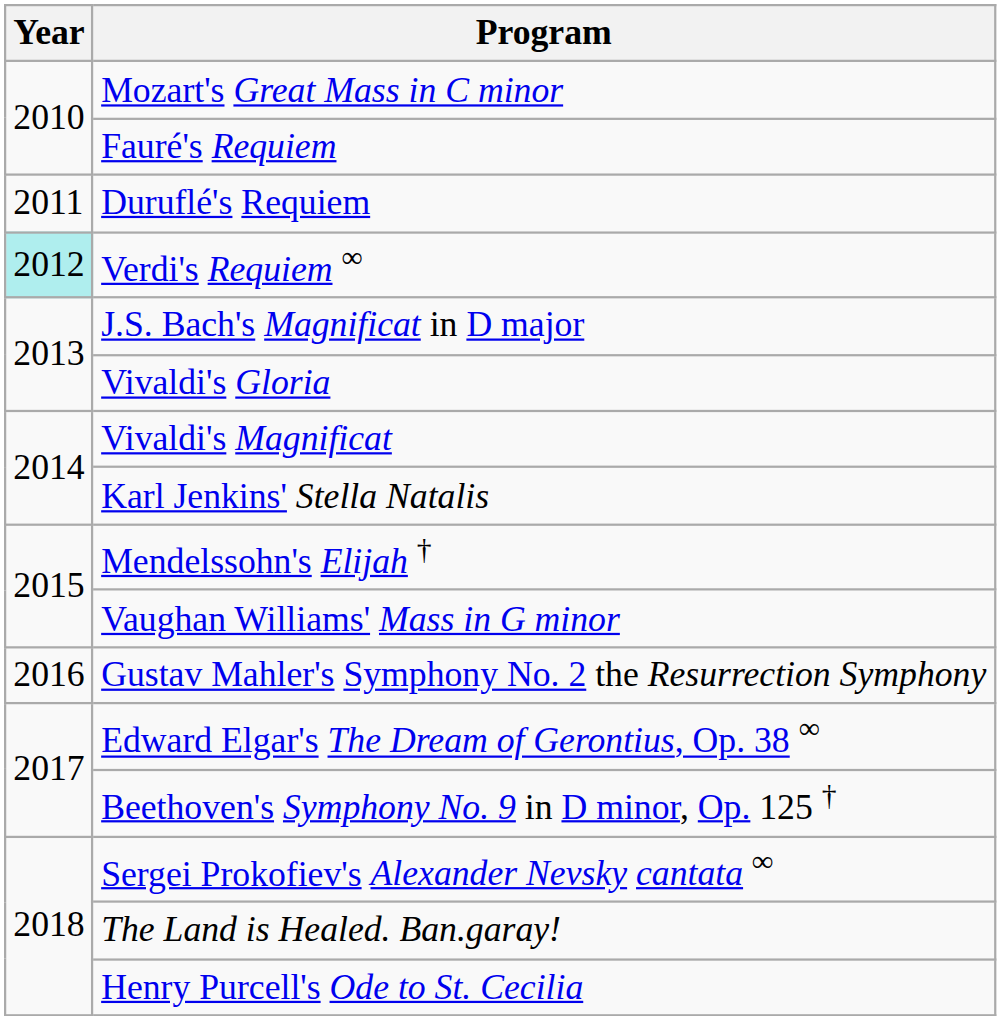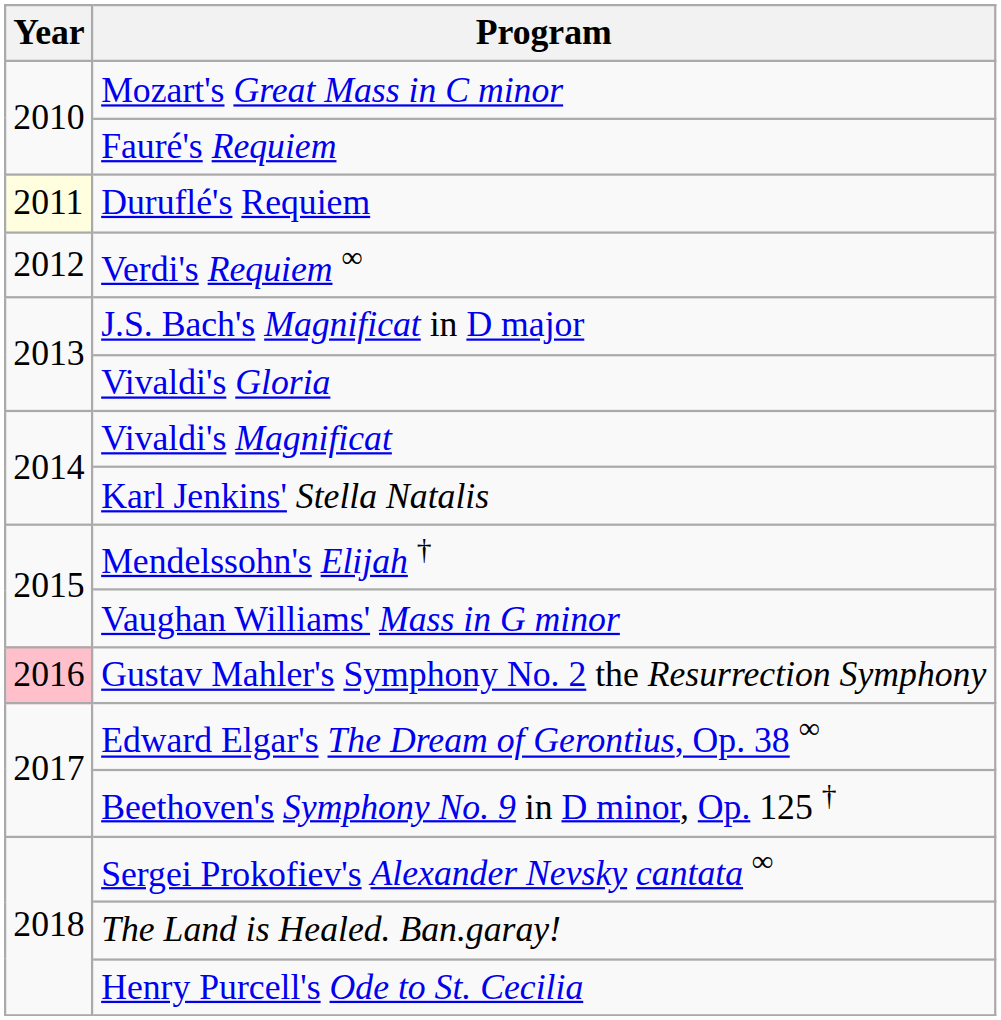 <table class="wikitable">
 <tr>
 <th>Year</th>
 <th>Program</th>
 </tr>
 <tr>
 <td rowspan="2">2010</td>
 <td><a href='#'>Mozart's</a> <em><a href='#'>Great Mass in C minor</a></em></td>
 </tr>
 <tr>
 <td><a href='#'>Fauré's</a> <a href='#'><em>Requiem</em></a></td>
 </tr>
 <tr>
-<td>2011</td>
+<td style="background: lightyellow;">2011</td>
 <td><a href='#'>Duruflé's</a> <a href='#'>Requiem</a></td>
 </tr>
 <tr>
-<td style="background: paleturquoise;">2012</td>
+<td>2012</td>
 <td><a href='#'>Verdi's</a> <a href='#'><em>Requiem</em></a> <sup>∞</sup></td>
 </tr>
 <tr>
 <td rowspan="2">2013</td>
 <td><a href='#'>J.S. Bach's</a> <a href='#'><em>Magnificat</em></a> in <a href='#'>D major</a></td>
 </tr>
 <tr>
 <td><a href='#'>Vivaldi's</a> <a href='#'><em>Gloria</em></a></td>
 </tr>
 <tr>
 <td rowspan="2">2014</td>
 <td><a href='#'>Vivaldi's</a> <a href='#'><em>Magnificat</em></a></td>
 </tr>
 <tr>
 <td><a href='#'>Karl Jenkins'</a> <em>Stella Natalis</em></td>
 </tr>
 <tr>
 <td rowspan="2">2015</td>
 <td><a href='#'>Mendelssohn's</a> <a href='#'><em>Elijah</em></a> <sup>†</sup></td>
 </tr>
 <tr>
 <td><a href='#'>Vaughan Williams'</a> <a href='#'><em>Mass in G minor</em></a></td>
 </tr>
 <tr>
-<td>2016</td>
+<td style="background: pink;">2016</td>
 <td><a href='#'>Gustav Mahler's</a> <a href='#'>Symphony No. 2</a> the <em>Resurrection Symphony</em></td>
 </tr>
 <tr>
 <td rowspan="2">2017</td>
 <td><a href='#'>Edward Elgar's</a> <a href='#'><em>The Dream of Gerontius</em>, Op. 38</a> <sup>∞</sup></td>
 </tr>
 <tr>
 <td><a href='#'>Beethoven's</a> <a href='#'><em>Symphony No. 9</em></a> in <a href='#'>D minor</a>, <a href='#'>Op.</a> 125 <sup>†</sup></td>
 </tr>
 <tr>
 <td rowspan="3">2018</td>
 <td><a href='#'>Sergei Prokofiev's</a> <em><a href='#'>Alexander Nevsky</a> <a href='#'>cantata</a> <sup>∞</sup></em></td>
 </tr>
 <tr>
 <td> <em>The Land is Healed. Ban.garay!</em></td>
 </tr>
 <tr>
 <td><a href='#'>Henry Purcell's</a> <em><a href='#'>Ode to St. Cecilia</a></em></td>
 </tr>
 </table>
